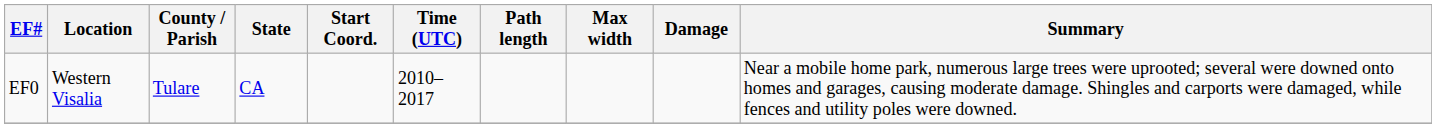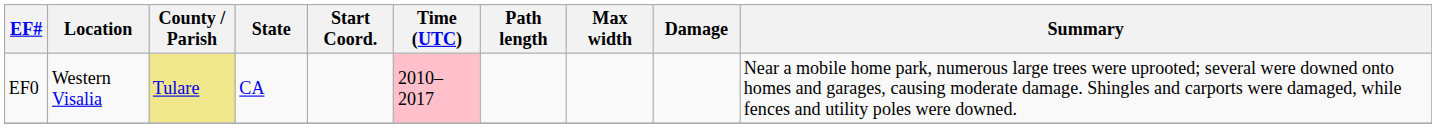 <table class="wikitable sortable" style="width:100%;">
 <tr>
 <th scope="col" width="3%" align="center"><a href='#'>EF#</a></th>
 <th scope="col" width="7%" align="center" class="unsortable">Location</th>
 <th scope="col" width="6%" align="center" class="unsortable">County / Parish</th>
 <th scope="col" width="5%" align="center">State</th>
 <th scope="col" width="6%" align="center">Start Coord.</th>
 <th scope="col" width="6%" align="center">Time (<a href='#'>UTC</a>)</th>
 <th scope="col" width="6%" align="center">Path length</th>
 <th scope="col" width="6%" align="center">Max width</th>
 <th scope="col" width="6%" align="center">Damage</th>
 <th scope="col" width="48%" class="unsortable" align="center">Summary</th>
 </tr>
 <tr>
 <td>EF0</td>
 <td>Western <a href='#'>Visalia</a></td>
-<td><a href='#'>Tulare</a></td>
+<td style="background: khaki;"><a href='#'>Tulare</a></td>
 <td><a href='#'>CA</a></td>
 <td></td>
-<td>2010–2017</td>
+<td style="background: pink;">2010–2017</td>
 <td></td>
 <td></td>
 <td></td>
 <td>Near a mobile home park, numerous large trees were uprooted; several were downed onto homes and garages, causing moderate damage. Shingles and carports were damaged, while fences and utility poles were downed.</td>
 </tr>
 <tr>
 </tr>
 </table>
